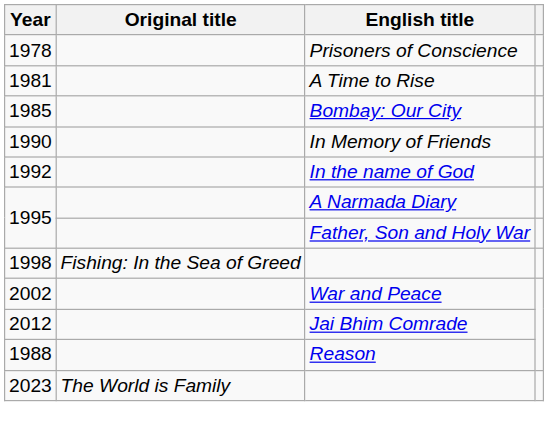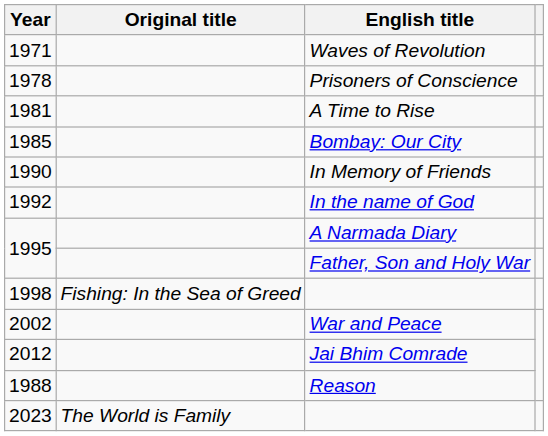 <table class="wikitable">
 <tr>
 <th>Year</th>
 <th>Original title</th>
 <th>English title</th>
 <th scope="col" class="unsortable"></th>
+</tr>
+<tr>
+<td>1971</td>
+<td><em></em></td>
+<td><em>Waves of Revolution</em></td>
+<td style="text-align: center;"></td>
 </tr>
 <tr>
 <td>1978</td>
 <td><em></em></td>
 <td><em>Prisoners of Conscience</em></td>
 <td style="text-align: center;"></td>
 </tr>
 <tr>
 <td>1981</td>
 <td><em></em></td>
 <td><em>A Time to Rise</em></td>
 <td style="text-align: center;"></td>
 </tr>
 <tr>
 <td>1985</td>
 <td><em></em></td>
 <td><em><a href='#'>Bombay: Our City</a></em></td>
 <td style="text-align: center;"></td>
 </tr>
 <tr>
 <td>1990</td>
 <td><em></em></td>
 <td><em>In Memory of Friends</em></td>
 <td style="text-align: center;"></td>
 </tr>
 <tr>
 <td>1992</td>
 <td><em></em></td>
 <td><em><a href='#'>In the name of God</a></em></td>
 <td style="text-align: center;"></td>
 </tr>
 <tr>
 <td rowspan="2">1995</td>
 <td><em></em></td>
 <td><em><a href='#'>A Narmada Diary</a></em></td>
 <td style="text-align: center"></td>
 </tr>
 <tr>
 <td><em></em></td>
 <td><em><a href='#'>Father, Son and Holy War</a></em></td>
 <td style="text-align: center;"></td>
 </tr>
 <tr>
 <td>1998</td>
 <td><em>Fishing: In the Sea of Greed</em></td>
 <td></td>
 <td style="text-align: center"></td>
 </tr>
 <tr>
 <td>2002</td>
 <td><em></em></td>
 <td><em><a href='#'>War and Peace</a></em></td>
 </tr>
 <tr>
 <td>2012</td>
 <td><em></em></td>
 <td><em><a href='#'>Jai Bhim Comrade</a></em></td>
 </tr>
 <tr>
 <td>1988</td>
 <td><em></em></td>
 <td><em><a href='#'>Reason</a></em></td>
 </tr>
 <tr>
 <td>2023</td>
 <td><em>The World is Family</em></td>
 <td></td>
 <td style="text-align: center;"></td>
 </tr>
 </table>
